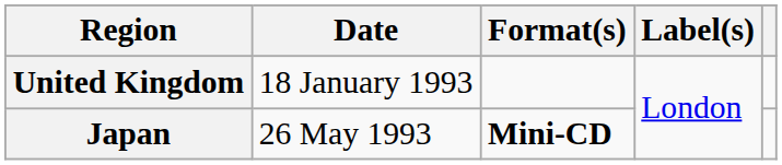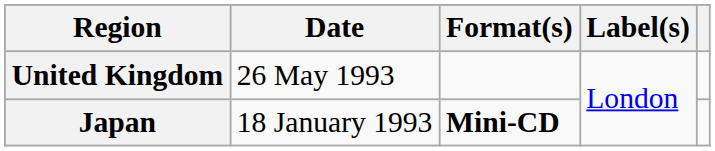 <table class="wikitable plainrowheaders">
 <tr>
 <th scope="col">Region</th>
 <th scope="col">Date</th>
 <th scope="col">Format(s)</th>
 <th scope="col">Label(s)</th>
 <th scope="col"></th>
 </tr>
 <tr>
 <th scope="row">United Kingdom</th>
-<td>18 January 1993</td>
+<td>26 May 1993</td>
 <td></td>
 <td rowspan="2"><a href='#'>London</a></td>
 <td></td>
 </tr>
 <tr>
 <th scope="row">Japan</th>
-<td>26 May 1993</td>
+<td>18 January 1993</td>
 <td><strong>Mini-CD</strong></td>
 <td></td>
 </tr>
 </table>
